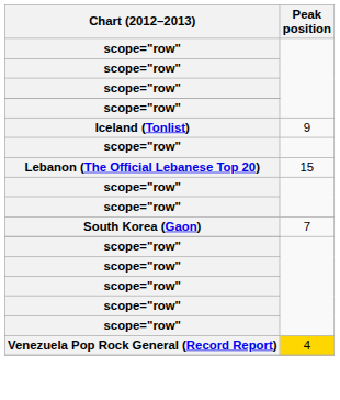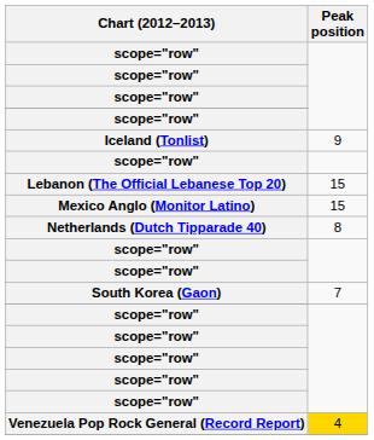 <table class="wikitable plainrowheaders sortable" style="text-align:center;">
 <tr>
 <th scope="col">Chart (2012–2013)</th>
 <th scope="col">Peak<br>position</th>
 </tr>
 <tr>
 <th>scope="row"</th>
 </tr>
 <tr>
 <th>scope="row"</th>
 </tr>
 <tr>
 <th>scope="row"</th>
 </tr>
 <tr>
 </tr>
 <tr>
 </tr>
 <tr>
 </tr>
 <tr>
 <th>scope="row"</th>
 </tr>
 <tr>
 <th scope="row">Iceland (<a href='#'>Tonlist</a>)</th>
 <td style="text-align:center;">9</td>
 </tr>
 <tr>
 <th>scope="row"</th>
 </tr>
 <tr>
 <th scope="row">Lebanon (<a href='#'>The Official Lebanese Top 20</a>)</th>
 <td style="text-align:center;">15</td>
 </tr>
 <tr>
+<th scope="row">Mexico Anglo (<a href='#'>Monitor Latino</a>)</th>
+<td align="center">15</td>
+</tr>
+<tr>
+<th scope="row">Netherlands (<a href='#'>Dutch Tipparade 40</a>)</th>
+<td align="center">8</td>
+</tr>
+<tr>
 <th>scope="row"</th>
 </tr>
 <tr>
 <th>scope="row"</th>
 </tr>
 <tr>
 <th scope="row">South Korea (<a href='#'>Gaon</a>)</th>
 <td style="text-align:center;">7</td>
 </tr>
 <tr>
 </tr>
 <tr>
 <th>scope="row"</th>
 </tr>
 <tr>
 <th>scope="row"</th>
 </tr>
 <tr>
 <th>scope="row"</th>
 </tr>
 <tr>
 <th>scope="row"</th>
 </tr>
 <tr>
 <th>scope="row"</th>
 </tr>
 <tr>
 <th scope="row">Venezuela Pop Rock General (<a href='#'>Record Report</a>)</th>
 <td style="background: gold;">4</td>
 </tr>
 <tr>
 </tr>
 </table>
